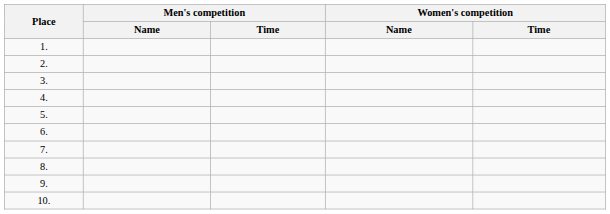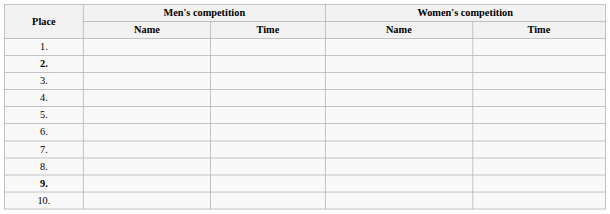 <table class=wikitable style="font-size:95%" width="70%">
 <tr>
 <th rowspan="2">Place</th>
 <th colspan="2">Men's competition</th>
 <th colspan="2">Women's competition</th>
 </tr>
 <tr>
 <th>Name</th>
 <th>Time</th>
 <th>Name</th>
 <th>Time</th>
 </tr>
 <tr>
 <td align="center">1.</td>
 <td></td>
 <td></td>
 <td></td>
 <td></td>
 </tr>
 <tr>
-<td align="center">2.</td>
+<td align="center"><strong>2.</strong></td>
 <td></td>
 <td></td>
 <td></td>
 <td></td>
 </tr>
 <tr>
 <td align="center">3.</td>
 <td></td>
 <td></td>
 <td></td>
 <td></td>
 </tr>
 <tr>
 <td align="center">4.</td>
 <td></td>
 <td></td>
 <td></td>
 <td></td>
 </tr>
 <tr>
 <td align="center">5.</td>
 <td></td>
 <td></td>
 <td></td>
 <td></td>
 </tr>
 <tr>
 <td align="center">6.</td>
 <td></td>
 <td></td>
 <td></td>
 <td></td>
 </tr>
 <tr>
 <td align="center">7.</td>
 <td></td>
 <td></td>
 <td></td>
 <td></td>
 </tr>
 <tr>
 <td align="center">8.</td>
 <td></td>
 <td></td>
 <td></td>
 <td></td>
 </tr>
 <tr>
-<td align="center">9.</td>
+<td align="center"><strong>9.</strong></td>
 <td></td>
 <td></td>
 <td></td>
 <td></td>
 </tr>
 <tr>
 <td align="center">10.</td>
 <td></td>
 <td></td>
 <td></td>
 <td></td>
 </tr>
 </table>
